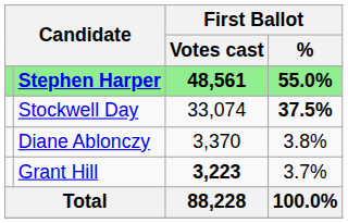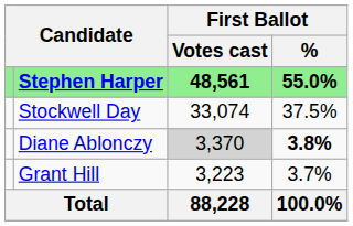 <table class="wikitable">
 <tr>
 <th rowspan="2" colspan="2">Candidate</th>
 <th colspan = "2">First Ballot</th>
 </tr>
 <tr>
 <th>Votes cast</th>
 <th>%</th>
 </tr>
 <tr style="background:lightgreen">
 <td></td>
 <td><strong><a href='#'>Stephen Harper</a></strong></td>
 <td align = "center"><strong>48,561</strong></td>
 <td align = "center"><strong>55.0%</strong></td>
 </tr>
 <tr>
 <td></td>
 <td><a href='#'>Stockwell Day</a></td>
 <td align = "center">33,074</td>
-<td align = "center"><strong>37.5%</strong></td>
+<td align = "center">37.5%</td>
 </tr>
 <tr>
 <td></td>
 <td><a href='#'>Diane Ablonczy</a></td>
-<td align = "center">3,370</td>
-<td align = "center">3.8%</td>
+<td align = "center" style="background: lightgrey;">3,370</td>
+<td align = "center"><strong>3.8%</strong></td>
 </tr>
 <tr>
 <td></td>
 <td><a href='#'>Grant Hill</a></td>
-<td align = "center"><strong>3,223</strong></td>
+<td align = "center">3,223</td>
 <td align = "center">3.7%</td>
 </tr>
 <tr>
 <th colspan = "2">Total</th>
 <th align = "center">88,228</th>
 <th align = "center">100.0%</th>
 </tr>
 <tr>
 </tr>
 </table>
